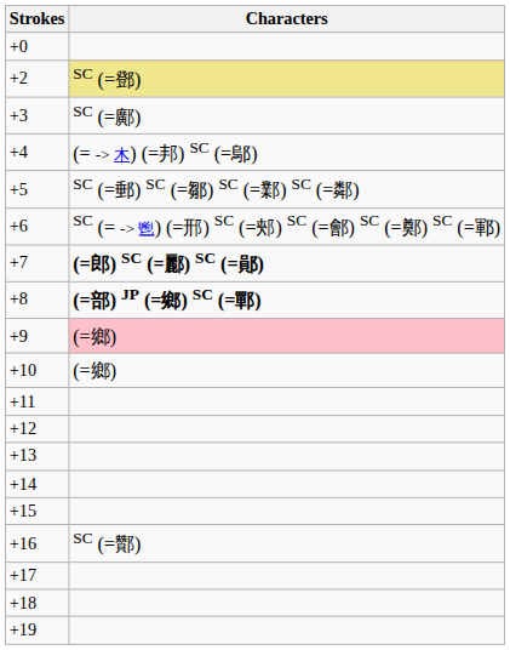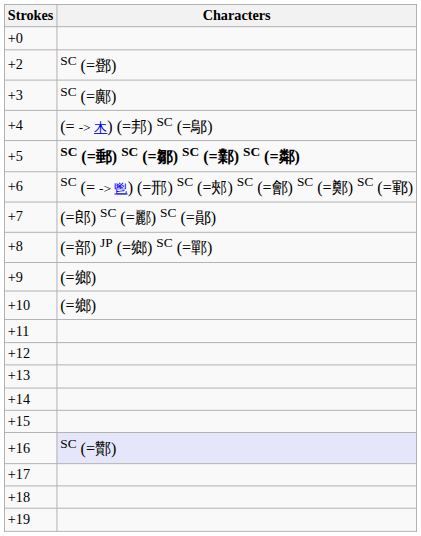 <table class="wikitable">
 <tr>
 <th>Strokes</th>
 <th>Characters</th>
 </tr>
 <tr>
 <td>+0</td>
 <td style="font-size: large;"></td>
 </tr>
 <tr>
 <td>+2</td>
-<td style="background: khaki; font-size: large;"> <sup>SC</sup> (=鄧)</td>
+<td style="font-size: large;"> <sup>SC</sup> (=鄧)</td>
 </tr>
 <tr>
 <td>+3</td>
 <td style="font-size: large;">         <sup>SC</sup> (=鄺)</td>
 </tr>
 <tr>
 <td>+4</td>
 <td style="font-size: large;">           (= <small>-> <a href='#'>木</a></small>)    (=邦) <sup>SC</sup> (=鄔)</td>
 </tr>
 <tr>
 <td>+5</td>
-<td style="font-size: large;"> <sup>SC</sup> (=郵)           <sup>SC</sup> (=鄒) <sup>SC</sup> (=鄴) <sup>SC</sup> (=鄰)</td>
+<td style="font-size: large;"><strong> <sup>SC</sup> (=郵)           <sup>SC</sup> (=鄒) <sup>SC</sup> (=鄴) <sup>SC</sup> (=鄰)</strong></td>
 </tr>
 <tr>
 <td>+6</td>
 <td style="font-size: large;">     <sup>SC</sup> (= <small>-> <a href='#'>鬯</a></small>)         (=邢)      <sup>SC</sup> (=郟) <sup>SC</sup> (=鄶) <sup>SC</sup> (=鄭) <sup>SC</sup> (=鄆)</td>
 </tr>
 <tr>
 <td>+7</td>
-<td style="font-size: large;"><strong>            (=郎)        <sup>SC</sup> (=酈) <sup>SC</sup> (=鄖)</strong></td>
+<td style="font-size: large;">            (=郎)        <sup>SC</sup> (=酈) <sup>SC</sup> (=鄖)</td>
 </tr>
 <tr>
 <td>+8</td>
-<td style="font-size: large;"><strong>               (=部) <sup>JP</sup> (=鄉) <sup>SC</sup> (=鄲)</strong></td>
+<td style="font-size: large;">               (=部) <sup>JP</sup> (=鄉) <sup>SC</sup> (=鄲)</td>
 </tr>
 <tr>
 <td>+9</td>
-<td style="background: pink; font-size: large;">                  (=鄉)</td>
+<td style="font-size: large;">                  (=鄉)</td>
 </tr>
 <tr>
 <td>+10</td>
 <td style="font-size: large;">           (=鄉)  </td>
 </tr>
 <tr>
 <td>+11</td>
 <td style="font-size: large;">             </td>
 </tr>
 <tr>
 <td>+12</td>
 <td style="font-size: large;">            </td>
 </tr>
 <tr>
 <td>+13</td>
 <td style="font-size: large;">    </td>
 </tr>
 <tr>
 <td>+14</td>
 <td style="font-size: large;"> </td>
 </tr>
 <tr>
 <td>+15</td>
 <td style="font-size: large;">    </td>
 </tr>
 <tr>
 <td>+16</td>
-<td style="font-size: large;">  <sup>SC</sup> (=酇)</td>
+<td style="background: lavender; font-size: large;">  <sup>SC</sup> (=酇)</td>
 </tr>
 <tr>
 <td>+17</td>
 <td style="font-size: large;"> </td>
 </tr>
 <tr>
 <td>+18</td>
 <td style="font-size: large;">  </td>
 </tr>
 <tr>
 <td>+19</td>
 <td style="font-size: large;"> </td>
 </tr>
 </table>
